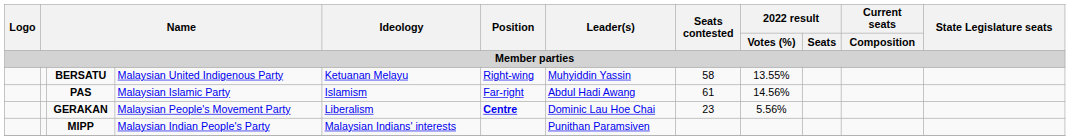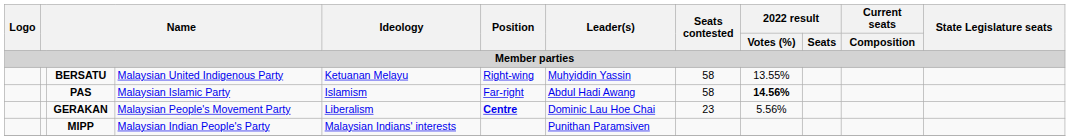 <table class="wikitable" style="width:100%;">
 <tr>
 <th rowspan="2">Logo</th>
 <th colspan="3" rowspan="2">Name</th>
 <th rowspan="2">Ideology</th>
 <th rowspan="2">Position</th>
 <th rowspan="2">Leader(s)</th>
 <th rowspan="2">Seats<br>contested</th>
 <th colspan="2">2022 result</th>
 <th>Current<br>seats</th>
 <th rowspan="2">State Legislature seats</th>
 </tr>
 <tr>
 <th>Votes (%)</th>
 <th>Seats</th>
 <th>Composition</th>
 </tr>
 <tr>
 <td colspan="12" style="text-align:center; background:lightgrey;"><strong>Member parties</strong></td>
 </tr>
 <tr>
 <td></td>
 <td style="background:"></td>
 <td style="text-align:center;"><strong>BERSATU</strong></td>
 <td><a href='#'>Malaysian United Indigenous Party</a><br></td>
 <td><a href='#'>Ketuanan Melayu</a></td>
 <td><a href='#'>Right-wing</a></td>
 <td><a href='#'>Muhyiddin Yassin</a></td>
 <td style="text-align:center;">58<br><small></small></td>
 <td style="text-align:center;">13.55%</td>
 <td></td>
 <td></td>
 <td></td>
 </tr>
 <tr>
 <td></td>
 <td style="background:"></td>
 <td style="text-align:center;"><strong>PAS</strong></td>
 <td><a href='#'>Malaysian Islamic Party</a><br></td>
 <td><a href='#'>Islamism</a></td>
 <td><a href='#'>Far-right</a></td>
 <td><a href='#'>Abdul Hadi Awang</a></td>
-<td style="text-align:center;">61<br><small></small></td>
-<td style="text-align:center;">14.56%</td>
+<td style="text-align:center;">58<br><small></small></td>
+<td style="text-align:center;"><strong>14.56%</strong></td>
 <td></td>
 <td></td>
 <td></td>
 </tr>
 <tr>
 <td></td>
 <td style="background:"></td>
 <td style="text-align:center;"><strong>GERAKAN</strong></td>
 <td><a href='#'>Malaysian People's Movement Party</a><br></td>
 <td><a href='#'>Liberalism</a></td>
 <td><strong><a href='#'>Centre</a></strong></td>
 <td><a href='#'>Dominic Lau Hoe Chai</a></td>
 <td style="text-align:center;">23<br><small></small></td>
 <td style="text-align:center;">5.56%</td>
 <td></td>
 <td></td>
 <td></td>
 </tr>
 <tr>
 <td></td>
 <td style="background:"></td>
 <td style="text-align:center;"><strong>MIPP</strong></td>
 <td><a href='#'>Malaysian Indian People's Party</a><br></td>
 <td><a href='#'>Malaysian Indians' interests</a></td>
 <td></td>
 <td><a href='#'>Punithan Paramsiven</a></td>
 <td style="text-align:center;"></td>
 <td style="text-align:center;"></td>
 <td></td>
 <td></td>
 <td></td>
 </tr>
 <tr>
 </tr>
 </table>
